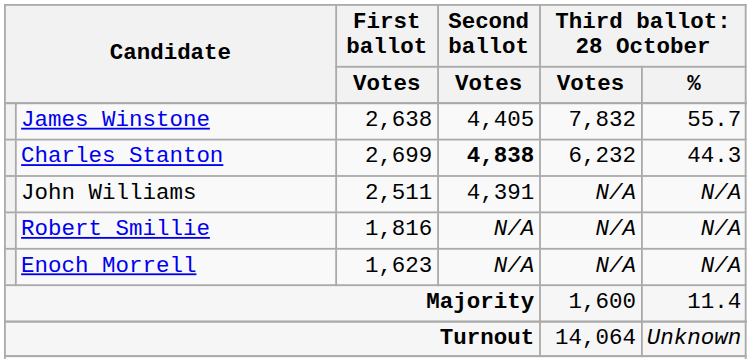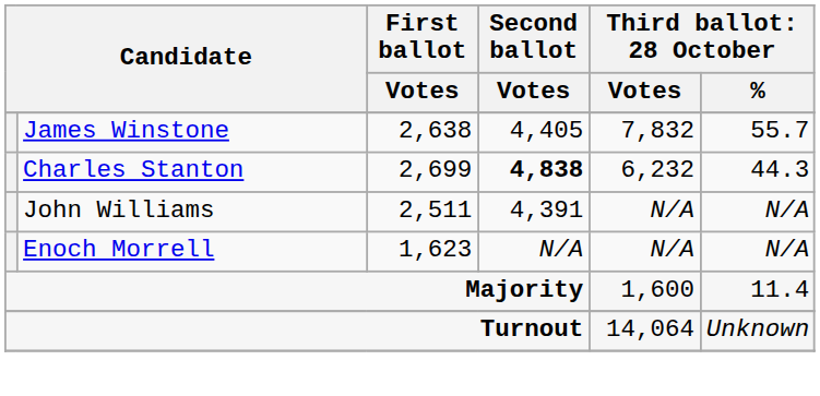 <table class="wikitable" style="font-size: 95%;">
 <tr style="background-color:#E9E9E9">
 <th rowspan="2" colspan="2" style="width: 170px">Candidate</th>
 <th>First ballot</th>
 <th>Second ballot</th>
 <th colspan="2">Third ballot: 28 October</th>
 </tr>
 <tr style="background-color:#E9E9E9">
 <th style="width: 50px">Votes</th>
 <th style="width: 50px">Votes</th>
 <th style="width: 50px">Votes</th>
 <th style="width: 40px">%</th>
 </tr>
 <tr>
 </tr>
 <tr>
 <th style="background-color: "></th>
 <td style="width: 170px"><a href='#'>James Winstone</a></td>
 <td align="right">2,638</td>
 <td align="right">4,405</td>
 <td align="right">7,832</td>
 <td align="right">55.7</td>
 </tr>
 <tr>
 <th style="background-color: "></th>
 <td style="width: 170px"><a href='#'>Charles Stanton</a></td>
 <td align="right">2,699</td>
 <td align="right"><strong>4,838</strong></td>
 <td align="right">6,232</td>
 <td align="right">44.3</td>
 </tr>
 <tr>
 <th style="background-color: "></th>
 <td style="width: 170px">John Williams</td>
 <td align="right">2,511</td>
 <td align="right">4,391</td>
 <td align="right"><em>N/A</em></td>
 <td align="right"><em>N/A</em></td>
 </tr>
 <tr>
 <th style="background-color: "></th>
-<td style="width: 170px"><a href='#'>Robert Smillie</a></td>
-<td align="right">1,816</td>
-<td align="right"><em>N/A</em></td>
-<td align="right"><em>N/A</em></td>
-<td align="right"><em>N/A</em></td>
-</tr>
-<tr>
-<th style="background-color: "></th>
 <td style="width: 170px"><a href='#'>Enoch Morrell</a></td>
 <td align="right">1,623</td>
 <td align="right"><em>N/A</em></td>
 <td align="right"><em>N/A</em></td>
 <td align="right"><em>N/A</em></td>
 </tr>
 <tr style="background-color:#F6F6F6">
 <td colspan="4" align="right"><strong>Majority</strong></td>
 <td align="right">1,600</td>
 <td align="right">11.4</td>
 </tr>
 <tr>
 </tr>
 <tr style="background-color:#F6F6F6">
 <td colspan="4" align="right"><strong>Turnout</strong></td>
 <td align="right">14,064</td>
 <td align="right"><em>Unknown</em></td>
 </tr>
 <tr>
 </tr>
 <tr style="background-color:#F6F6F6">
 </tr>
 <tr>
 </tr>
 </table>
